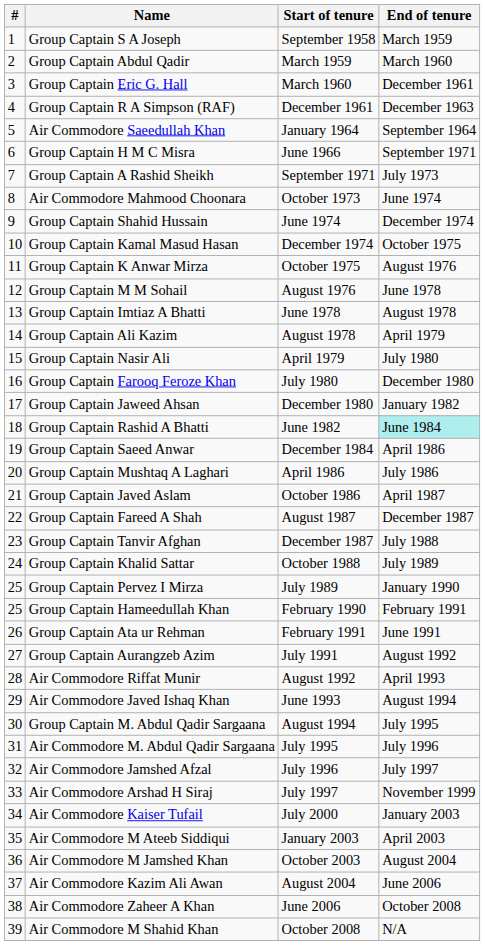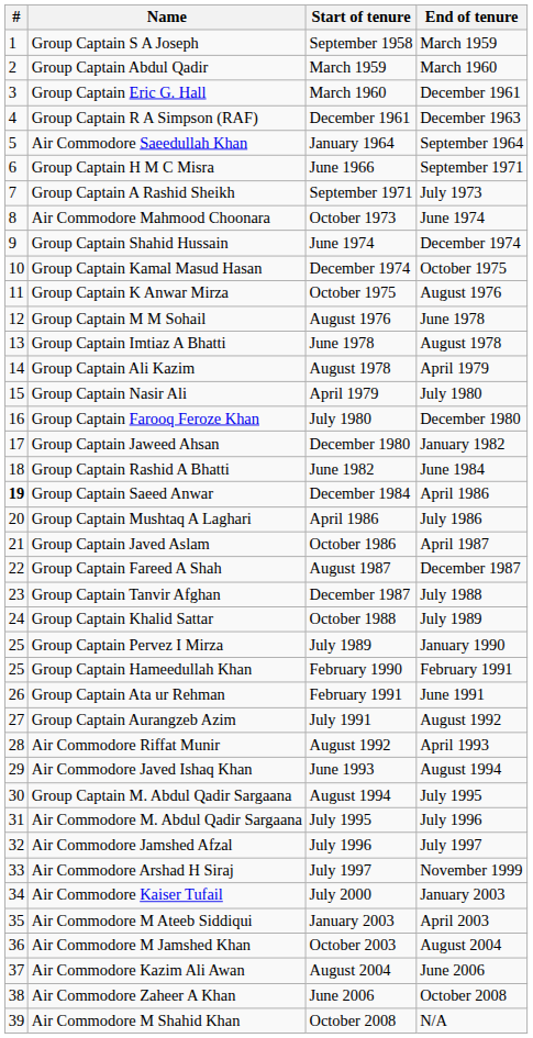 <table class="wikitable sortable">
 <tr>
 <th>#</th>
 <th>Name</th>
 <th>Start of tenure</th>
 <th>End of tenure</th>
 </tr>
 <tr>
 <td>1</td>
 <td>Group Captain S A Joseph</td>
 <td>September 1958</td>
 <td>March 1959</td>
 </tr>
 <tr>
 <td>2</td>
 <td>Group Captain Abdul Qadir</td>
 <td>March 1959</td>
 <td>March 1960</td>
 </tr>
 <tr>
 <td>3</td>
 <td>Group Captain <a href='#'>Eric G. Hall</a></td>
 <td>March 1960</td>
 <td>December 1961</td>
 </tr>
 <tr>
 <td>4</td>
 <td>Group Captain R A Simpson (RAF)</td>
 <td>December 1961</td>
 <td>December 1963</td>
 </tr>
 <tr>
 <td>5</td>
 <td>Air Commodore <a href='#'>Saeedullah Khan</a></td>
 <td>January 1964</td>
 <td>September 1964</td>
 </tr>
 <tr>
 <td>6</td>
 <td>Group Captain H M C Misra</td>
 <td>June 1966</td>
 <td>September 1971</td>
 </tr>
 <tr>
 <td>7</td>
 <td>Group Captain A Rashid Sheikh</td>
 <td>September 1971</td>
 <td>July 1973</td>
 </tr>
 <tr>
 <td>8</td>
 <td>Air Commodore Mahmood Choonara</td>
 <td>October 1973</td>
 <td>June 1974</td>
 </tr>
 <tr>
 <td>9</td>
 <td>Group Captain Shahid Hussain</td>
 <td>June 1974</td>
 <td>December 1974</td>
 </tr>
 <tr>
 <td>10</td>
 <td>Group Captain Kamal Masud Hasan</td>
 <td>December 1974</td>
 <td>October 1975</td>
 </tr>
 <tr>
 <td>11</td>
 <td>Group Captain K Anwar Mirza</td>
 <td>October 1975</td>
 <td>August 1976</td>
 </tr>
 <tr>
 <td>12</td>
 <td>Group Captain M M Sohail</td>
 <td>August 1976</td>
 <td>June 1978</td>
 </tr>
 <tr>
 <td>13</td>
 <td>Group Captain Imtiaz A Bhatti</td>
 <td>June 1978</td>
 <td>August 1978</td>
 </tr>
 <tr>
 <td>14</td>
 <td>Group Captain Ali Kazim</td>
 <td>August 1978</td>
 <td>April 1979</td>
 </tr>
 <tr>
 <td>15</td>
 <td>Group Captain Nasir Ali</td>
 <td>April 1979</td>
 <td>July 1980</td>
 </tr>
 <tr>
 <td>16</td>
 <td>Group Captain <a href='#'>Farooq Feroze Khan</a></td>
 <td>July 1980</td>
 <td>December 1980</td>
 </tr>
 <tr>
 <td>17</td>
 <td>Group Captain Jaweed Ahsan</td>
 <td>December 1980</td>
 <td>January 1982</td>
 </tr>
 <tr>
 <td>18</td>
 <td>Group Captain Rashid A Bhatti</td>
 <td>June 1982</td>
-<td style="background: paleturquoise;">June 1984</td>
+<td>June 1984</td>
 </tr>
 <tr>
-<td>19</td>
+<td><strong>19</strong></td>
 <td>Group Captain Saeed Anwar</td>
 <td>December 1984</td>
 <td>April 1986</td>
 </tr>
 <tr>
 <td>20</td>
 <td>Group Captain Mushtaq A Laghari</td>
 <td>April 1986</td>
 <td>July 1986</td>
 </tr>
 <tr>
 <td>21</td>
 <td>Group Captain Javed Aslam</td>
 <td>October 1986</td>
 <td>April 1987</td>
 </tr>
 <tr>
 <td>22</td>
 <td>Group Captain Fareed A Shah</td>
 <td>August 1987</td>
 <td>December 1987</td>
 </tr>
 <tr>
 <td>23</td>
 <td>Group Captain Tanvir Afghan</td>
 <td>December 1987</td>
 <td>July 1988</td>
 </tr>
 <tr>
 <td>24</td>
 <td>Group Captain Khalid Sattar</td>
 <td>October 1988</td>
 <td>July 1989</td>
 </tr>
 <tr>
 <td>25</td>
 <td>Group Captain Pervez I Mirza</td>
 <td>July 1989</td>
 <td>January 1990</td>
 </tr>
 <tr>
 <td>25</td>
 <td>Group Captain Hameedullah Khan</td>
 <td>February 1990</td>
 <td>February 1991</td>
 </tr>
 <tr>
 <td>26</td>
 <td>Group Captain Ata ur Rehman</td>
 <td>February 1991</td>
 <td>June 1991</td>
 </tr>
 <tr>
 <td>27</td>
 <td>Group Captain Aurangzeb Azim</td>
 <td>July 1991</td>
 <td>August 1992</td>
 </tr>
 <tr>
 <td>28</td>
 <td>Air Commodore Riffat Munir</td>
 <td>August 1992</td>
 <td>April 1993</td>
 </tr>
 <tr>
 <td>29</td>
 <td>Air Commodore Javed Ishaq Khan</td>
 <td>June 1993</td>
 <td>August 1994</td>
 </tr>
 <tr>
 <td>30</td>
 <td>Group Captain M. Abdul Qadir Sargaana</td>
 <td>August 1994</td>
 <td>July 1995</td>
 </tr>
 <tr>
 <td>31</td>
 <td>Air Commodore M. Abdul Qadir Sargaana</td>
 <td>July 1995</td>
 <td>July 1996</td>
 </tr>
 <tr>
 <td>32</td>
 <td>Air Commodore Jamshed Afzal</td>
 <td>July 1996</td>
 <td>July 1997</td>
 </tr>
 <tr>
 <td>33</td>
 <td>Air Commodore Arshad H Siraj</td>
 <td>July 1997</td>
 <td>November 1999</td>
 </tr>
 <tr>
 <td>34</td>
 <td>Air Commodore <a href='#'>Kaiser Tufail</a></td>
 <td>July 2000</td>
 <td>January 2003</td>
 </tr>
 <tr>
 <td>35</td>
 <td>Air Commodore M Ateeb Siddiqui</td>
 <td>January 2003</td>
 <td>April 2003</td>
 </tr>
 <tr>
 <td>36</td>
 <td>Air Commodore M Jamshed Khan</td>
 <td>October 2003</td>
 <td>August 2004</td>
 </tr>
 <tr>
 <td>37</td>
 <td>Air Commodore Kazim Ali Awan</td>
 <td>August 2004</td>
 <td>June 2006</td>
 </tr>
 <tr>
 <td>38</td>
 <td>Air Commodore Zaheer A Khan</td>
 <td>June 2006</td>
 <td>October 2008</td>
 </tr>
 <tr>
 <td>39</td>
 <td>Air Commodore M Shahid Khan</td>
 <td>October 2008</td>
 <td>N/A</td>
 </tr>
 </table>
